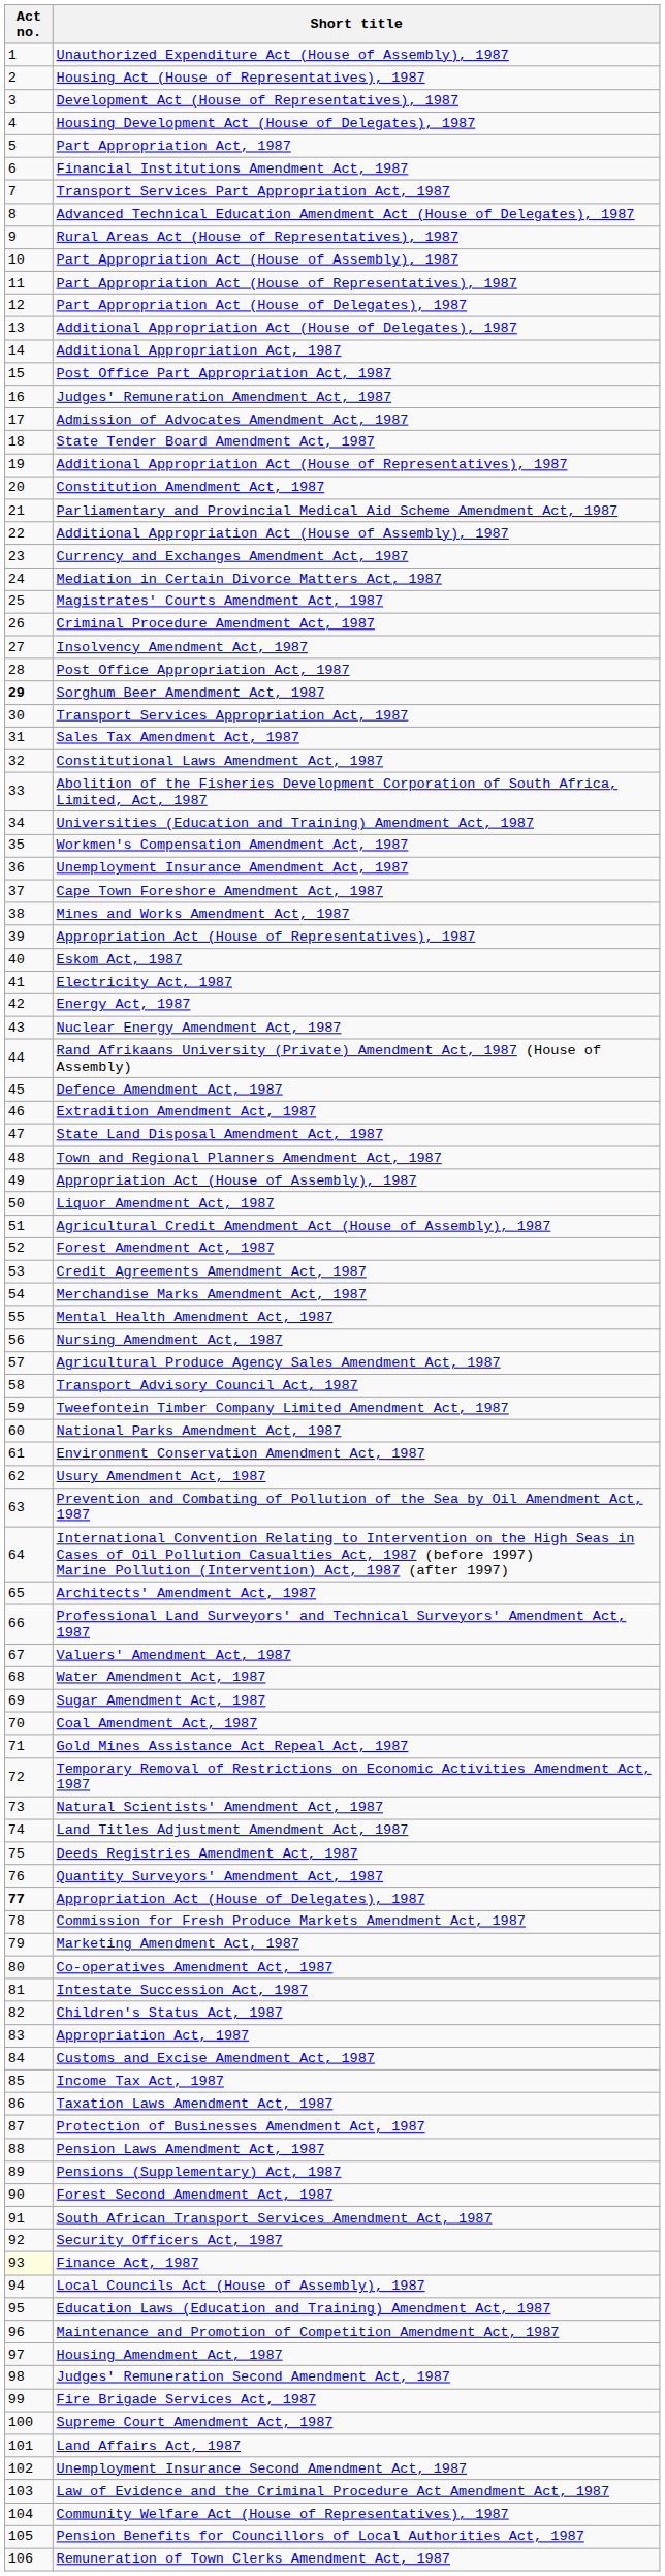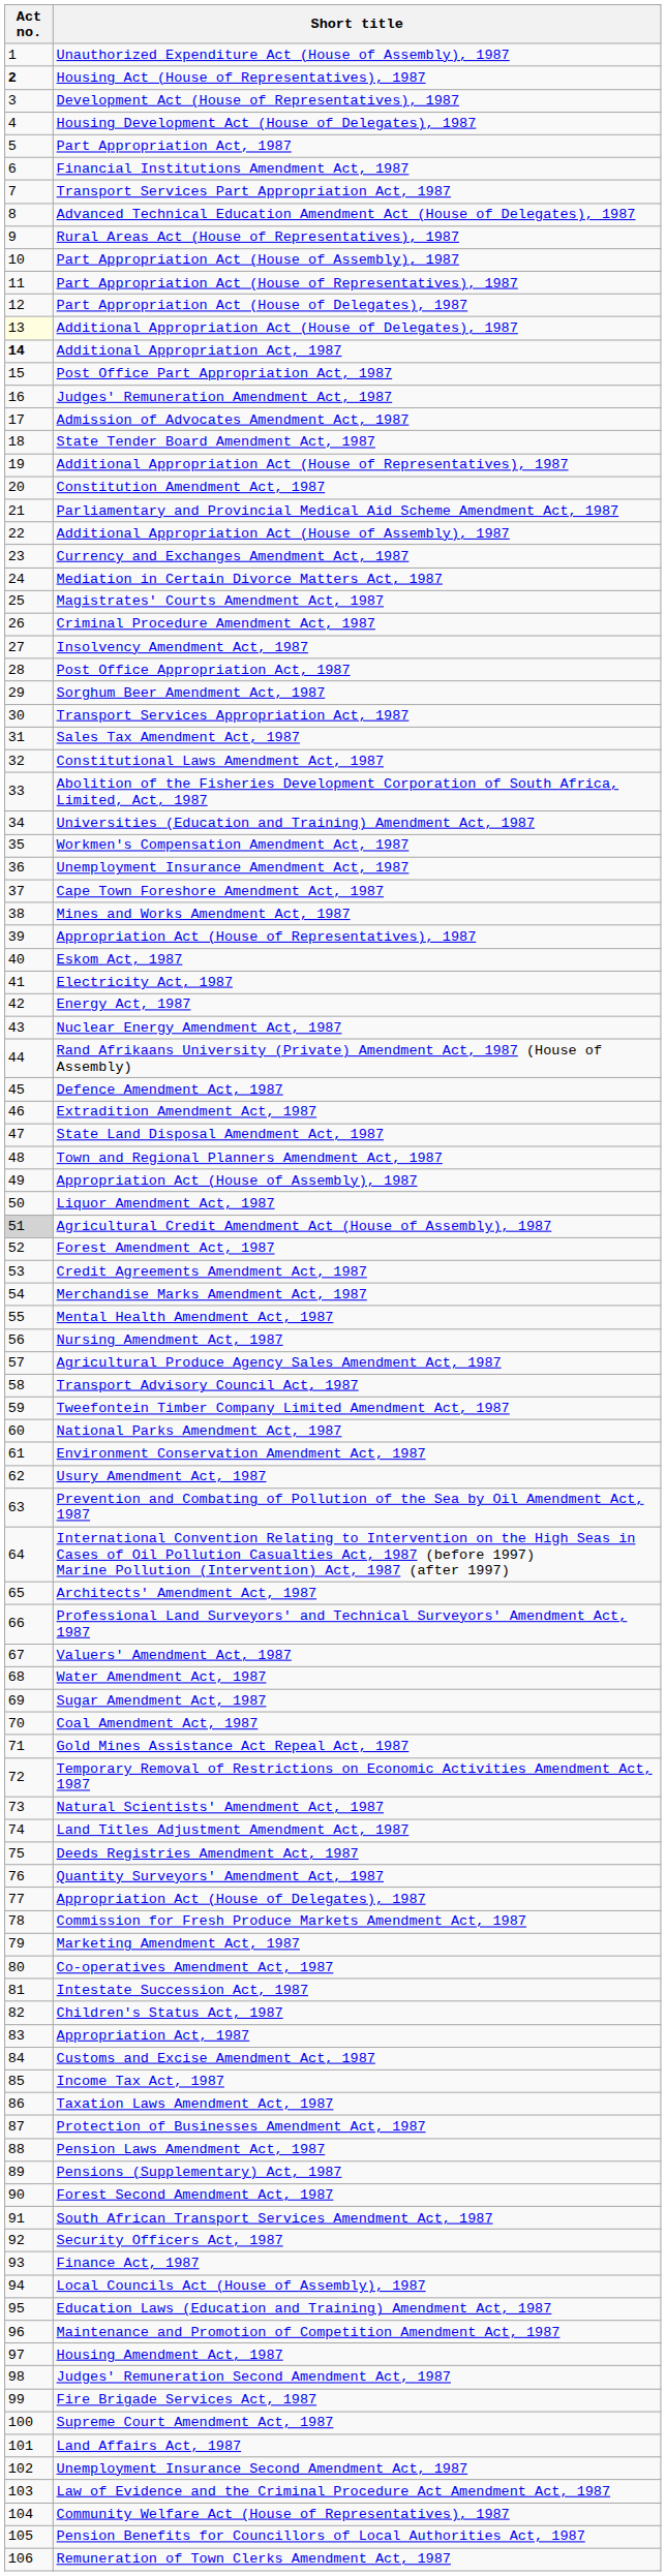 <table class="wikitable sortable">
 <tr>
 <th>Act no.</th>
 <th>Short title</th>
 </tr>
 <tr>
 <td>1</td>
 <td><a href='#'>Unauthorized Expenditure Act (House of Assembly), 1987</a></td>
 </tr>
 <tr>
-<td>2</td>
+<td><strong>2</strong></td>
 <td><a href='#'>Housing Act (House of Representatives), 1987</a></td>
 </tr>
 <tr>
 <td>3</td>
 <td><a href='#'>Development Act (House of Representatives), 1987</a></td>
 </tr>
 <tr>
 <td>4</td>
 <td><a href='#'>Housing Development Act (House of Delegates), 1987</a></td>
 </tr>
 <tr>
 <td>5</td>
 <td><a href='#'>Part Appropriation Act, 1987</a></td>
 </tr>
 <tr>
 <td>6</td>
 <td><a href='#'>Financial Institutions Amendment Act, 1987</a></td>
 </tr>
 <tr>
 <td>7</td>
 <td><a href='#'>Transport Services Part Appropriation Act, 1987</a></td>
 </tr>
 <tr>
 <td>8</td>
 <td><a href='#'>Advanced Technical Education Amendment Act (House of Delegates), 1987</a></td>
 </tr>
 <tr>
 <td>9</td>
 <td><a href='#'>Rural Areas Act (House of Representatives), 1987</a></td>
 </tr>
 <tr>
 <td>10</td>
 <td><a href='#'>Part Appropriation Act (House of Assembly), 1987</a></td>
 </tr>
 <tr>
 <td>11</td>
 <td><a href='#'>Part Appropriation Act (House of Representatives), 1987</a></td>
 </tr>
 <tr>
 <td>12</td>
 <td><a href='#'>Part Appropriation Act (House of Delegates), 1987</a></td>
 </tr>
 <tr>
-<td>13</td>
+<td style="background: lightyellow;">13</td>
 <td><a href='#'>Additional Appropriation Act (House of Delegates), 1987</a></td>
 </tr>
 <tr>
-<td>14</td>
+<td><strong>14</strong></td>
 <td><a href='#'>Additional Appropriation Act, 1987</a></td>
 </tr>
 <tr>
 <td>15</td>
 <td><a href='#'>Post Office Part Appropriation Act, 1987</a></td>
 </tr>
 <tr>
 <td>16</td>
 <td><a href='#'>Judges' Remuneration Amendment Act, 1987</a></td>
 </tr>
 <tr>
 <td>17</td>
 <td><a href='#'>Admission of Advocates Amendment Act, 1987</a></td>
 </tr>
 <tr>
 <td>18</td>
 <td><a href='#'>State Tender Board Amendment Act, 1987</a></td>
 </tr>
 <tr>
 <td>19</td>
 <td><a href='#'>Additional Appropriation Act (House of Representatives), 1987</a></td>
 </tr>
 <tr>
 <td>20</td>
 <td><a href='#'>Constitution Amendment Act, 1987</a></td>
 </tr>
 <tr>
 <td>21</td>
 <td><a href='#'>Parliamentary and Provincial Medical Aid Scheme Amendment Act, 1987</a></td>
 </tr>
 <tr>
 <td>22</td>
 <td><a href='#'>Additional Appropriation Act (House of Assembly), 1987</a></td>
 </tr>
 <tr>
 <td>23</td>
 <td><a href='#'>Currency and Exchanges Amendment Act, 1987</a></td>
 </tr>
 <tr>
 <td>24</td>
 <td><a href='#'>Mediation in Certain Divorce Matters Act, 1987</a></td>
 </tr>
 <tr>
 <td>25</td>
 <td><a href='#'>Magistrates' Courts Amendment Act, 1987</a></td>
 </tr>
 <tr>
 <td>26</td>
 <td><a href='#'>Criminal Procedure Amendment Act, 1987</a></td>
 </tr>
 <tr>
 <td>27</td>
 <td><a href='#'>Insolvency Amendment Act, 1987</a></td>
 </tr>
 <tr>
 <td>28</td>
 <td><a href='#'>Post Office Appropriation Act, 1987</a></td>
 </tr>
 <tr>
-<td><strong>29</strong></td>
+<td>29</td>
 <td><a href='#'>Sorghum Beer Amendment Act, 1987</a></td>
 </tr>
 <tr>
 <td>30</td>
 <td><a href='#'>Transport Services Appropriation Act, 1987</a></td>
 </tr>
 <tr>
 <td>31</td>
 <td><a href='#'>Sales Tax Amendment Act, 1987</a></td>
 </tr>
 <tr>
 <td>32</td>
 <td><a href='#'>Constitutional Laws Amendment Act, 1987</a></td>
 </tr>
 <tr>
 <td>33</td>
 <td><a href='#'>Abolition of the Fisheries Development Corporation of South Africa, Limited, Act, 1987</a></td>
 </tr>
 <tr>
 <td>34</td>
 <td><a href='#'>Universities (Education and Training) Amendment Act, 1987</a></td>
 </tr>
 <tr>
 <td>35</td>
 <td><a href='#'>Workmen's Compensation Amendment Act, 1987</a></td>
 </tr>
 <tr>
 <td>36</td>
 <td><a href='#'>Unemployment Insurance Amendment Act, 1987</a></td>
 </tr>
 <tr>
 <td>37</td>
 <td><a href='#'>Cape Town Foreshore Amendment Act, 1987</a></td>
 </tr>
 <tr>
 <td>38</td>
 <td><a href='#'>Mines and Works Amendment Act, 1987</a></td>
 </tr>
 <tr>
 <td>39</td>
 <td><a href='#'>Appropriation Act (House of Representatives), 1987</a></td>
 </tr>
 <tr>
 <td>40</td>
 <td><a href='#'>Eskom Act, 1987</a></td>
 </tr>
 <tr>
 <td>41</td>
 <td><a href='#'>Electricity Act, 1987</a></td>
 </tr>
 <tr>
 <td>42</td>
 <td><a href='#'>Energy Act, 1987</a></td>
 </tr>
 <tr>
 <td>43</td>
 <td><a href='#'>Nuclear Energy Amendment Act, 1987</a></td>
 </tr>
 <tr>
 <td>44</td>
 <td><a href='#'>Rand Afrikaans University (Private) Amendment Act, 1987</a> (House of Assembly)</td>
 </tr>
 <tr>
 <td>45</td>
 <td><a href='#'>Defence Amendment Act, 1987</a></td>
 </tr>
 <tr>
 <td>46</td>
 <td><a href='#'>Extradition Amendment Act, 1987</a></td>
 </tr>
 <tr>
 <td>47</td>
 <td><a href='#'>State Land Disposal Amendment Act, 1987</a></td>
 </tr>
 <tr>
 <td>48</td>
 <td><a href='#'>Town and Regional Planners Amendment Act, 1987</a></td>
 </tr>
 <tr>
 <td>49</td>
 <td><a href='#'>Appropriation Act (House of Assembly), 1987</a></td>
 </tr>
 <tr>
 <td>50</td>
 <td><a href='#'>Liquor Amendment Act, 1987</a></td>
 </tr>
 <tr>
-<td>51</td>
+<td style="background: lightgrey;">51</td>
 <td><a href='#'>Agricultural Credit Amendment Act (House of Assembly), 1987</a></td>
 </tr>
 <tr>
 <td>52</td>
 <td><a href='#'>Forest Amendment Act, 1987</a></td>
 </tr>
 <tr>
 <td>53</td>
 <td><a href='#'>Credit Agreements Amendment Act, 1987</a></td>
 </tr>
 <tr>
 <td>54</td>
 <td><a href='#'>Merchandise Marks Amendment Act, 1987</a></td>
 </tr>
 <tr>
 <td>55</td>
 <td><a href='#'>Mental Health Amendment Act, 1987</a></td>
 </tr>
 <tr>
 <td>56</td>
 <td><a href='#'>Nursing Amendment Act, 1987</a></td>
 </tr>
 <tr>
 <td>57</td>
 <td><a href='#'>Agricultural Produce Agency Sales Amendment Act, 1987</a></td>
 </tr>
 <tr>
 <td>58</td>
 <td><a href='#'>Transport Advisory Council Act, 1987</a></td>
 </tr>
 <tr>
 <td>59</td>
 <td><a href='#'>Tweefontein Timber Company Limited Amendment Act, 1987</a></td>
 </tr>
 <tr>
 <td>60</td>
 <td><a href='#'>National Parks Amendment Act, 1987</a></td>
 </tr>
 <tr>
 <td>61</td>
 <td><a href='#'>Environment Conservation Amendment Act, 1987</a></td>
 </tr>
 <tr>
 <td>62</td>
 <td><a href='#'>Usury Amendment Act, 1987</a></td>
 </tr>
 <tr>
 <td>63</td>
 <td><a href='#'>Prevention and Combating of Pollution of the Sea by Oil Amendment Act, 1987</a></td>
 </tr>
 <tr>
 <td>64</td>
 <td><a href='#'>International Convention Relating to Intervention on the High Seas in Cases of Oil Pollution Casualties Act, 1987</a> (before 1997) <br><a href='#'>Marine Pollution (Intervention) Act, 1987</a> (after 1997)</td>
 </tr>
 <tr>
 <td>65</td>
 <td><a href='#'>Architects' Amendment Act, 1987</a></td>
 </tr>
 <tr>
 <td>66</td>
 <td><a href='#'>Professional Land Surveyors' and Technical Surveyors' Amendment Act, 1987</a></td>
 </tr>
 <tr>
 <td>67</td>
 <td><a href='#'>Valuers' Amendment Act, 1987</a></td>
 </tr>
 <tr>
 <td>68</td>
 <td><a href='#'>Water Amendment Act, 1987</a></td>
 </tr>
 <tr>
 <td>69</td>
 <td><a href='#'>Sugar Amendment Act, 1987</a></td>
 </tr>
 <tr>
 <td>70</td>
 <td><a href='#'>Coal Amendment Act, 1987</a></td>
 </tr>
 <tr>
 <td>71</td>
 <td><a href='#'>Gold Mines Assistance Act Repeal Act, 1987</a></td>
 </tr>
 <tr>
 <td>72</td>
 <td><a href='#'>Temporary Removal of Restrictions on Economic Activities Amendment Act, 1987</a></td>
 </tr>
 <tr>
 <td>73</td>
 <td><a href='#'>Natural Scientists' Amendment Act, 1987</a></td>
 </tr>
 <tr>
 <td>74</td>
 <td><a href='#'>Land Titles Adjustment Amendment Act, 1987</a></td>
 </tr>
 <tr>
 <td>75</td>
 <td><a href='#'>Deeds Registries Amendment Act, 1987</a></td>
 </tr>
 <tr>
 <td>76</td>
 <td><a href='#'>Quantity Surveyors' Amendment Act, 1987</a></td>
 </tr>
 <tr>
-<td><strong>77</strong></td>
+<td>77</td>
 <td><a href='#'>Appropriation Act (House of Delegates), 1987</a></td>
 </tr>
 <tr>
 <td>78</td>
 <td><a href='#'>Commission for Fresh Produce Markets Amendment Act, 1987</a></td>
 </tr>
 <tr>
 <td>79</td>
 <td><a href='#'>Marketing Amendment Act, 1987</a></td>
 </tr>
 <tr>
 <td>80</td>
 <td><a href='#'>Co-operatives Amendment Act, 1987</a></td>
 </tr>
 <tr>
 <td>81</td>
 <td><a href='#'>Intestate Succession Act, 1987</a></td>
 </tr>
 <tr>
 <td>82</td>
 <td><a href='#'>Children's Status Act, 1987</a></td>
 </tr>
 <tr>
 <td>83</td>
 <td><a href='#'>Appropriation Act, 1987</a></td>
 </tr>
 <tr>
 <td>84</td>
 <td><a href='#'>Customs and Excise Amendment Act, 1987</a></td>
 </tr>
 <tr>
 <td>85</td>
 <td><a href='#'>Income Tax Act, 1987</a></td>
 </tr>
 <tr>
 <td>86</td>
 <td><a href='#'>Taxation Laws Amendment Act, 1987</a></td>
 </tr>
 <tr>
 <td>87</td>
 <td><a href='#'>Protection of Businesses Amendment Act, 1987</a></td>
 </tr>
 <tr>
 <td>88</td>
 <td><a href='#'>Pension Laws Amendment Act, 1987</a></td>
 </tr>
 <tr>
 <td>89</td>
 <td><a href='#'>Pensions (Supplementary) Act, 1987</a></td>
 </tr>
 <tr>
 <td>90</td>
 <td><a href='#'>Forest Second Amendment Act, 1987</a></td>
 </tr>
 <tr>
 <td>91</td>
 <td><a href='#'>South African Transport Services Amendment Act, 1987</a></td>
 </tr>
 <tr>
 <td>92</td>
 <td><a href='#'>Security Officers Act, 1987</a></td>
 </tr>
 <tr>
-<td style="background: lightyellow;">93</td>
+<td>93</td>
 <td><a href='#'>Finance Act, 1987</a></td>
 </tr>
 <tr>
 <td>94</td>
 <td><a href='#'>Local Councils Act (House of Assembly), 1987</a></td>
 </tr>
 <tr>
 <td>95</td>
 <td><a href='#'>Education Laws (Education and Training) Amendment Act, 1987</a></td>
 </tr>
 <tr>
 <td>96</td>
 <td><a href='#'>Maintenance and Promotion of Competition Amendment Act, 1987</a></td>
 </tr>
 <tr>
 <td>97</td>
 <td><a href='#'>Housing Amendment Act, 1987</a></td>
 </tr>
 <tr>
 <td>98</td>
 <td><a href='#'>Judges' Remuneration Second Amendment Act, 1987</a></td>
 </tr>
 <tr>
 <td>99</td>
 <td><a href='#'>Fire Brigade Services Act, 1987</a></td>
 </tr>
 <tr>
 <td>100</td>
 <td><a href='#'>Supreme Court Amendment Act, 1987</a></td>
 </tr>
 <tr>
 <td>101</td>
 <td><a href='#'>Land Affairs Act, 1987</a></td>
 </tr>
 <tr>
 <td>102</td>
 <td><a href='#'>Unemployment Insurance Second Amendment Act, 1987</a></td>
 </tr>
 <tr>
 <td>103</td>
 <td><a href='#'>Law of Evidence and the Criminal Procedure Act Amendment Act, 1987</a></td>
 </tr>
 <tr>
 <td>104</td>
 <td><a href='#'>Community Welfare Act (House of Representatives), 1987</a></td>
 </tr>
 <tr>
 <td>105</td>
 <td><a href='#'>Pension Benefits for Councillors of Local Authorities Act, 1987</a></td>
 </tr>
 <tr>
 <td>106</td>
 <td><a href='#'>Remuneration of Town Clerks Amendment Act, 1987</a></td>
 </tr>
 </table>
